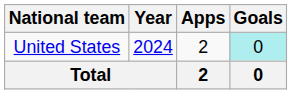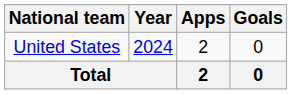 <table class="wikitable" style="text-align:center">
 <tr>
 <th>National team</th>
 <th>Year</th>
 <th>Apps</th>
 <th>Goals</th>
 </tr>
 <tr>
 <td rowspan=1><a href='#'>United States</a></td>
 <td><a href='#'>2024</a></td>
 <td>2</td>
-<td style="background: paleturquoise;">0</td>
+<td>0</td>
 </tr>
 <tr>
 <th colspan=2>Total</th>
 <th>2</th>
 <th>0</th>
 </tr>
 </table>
